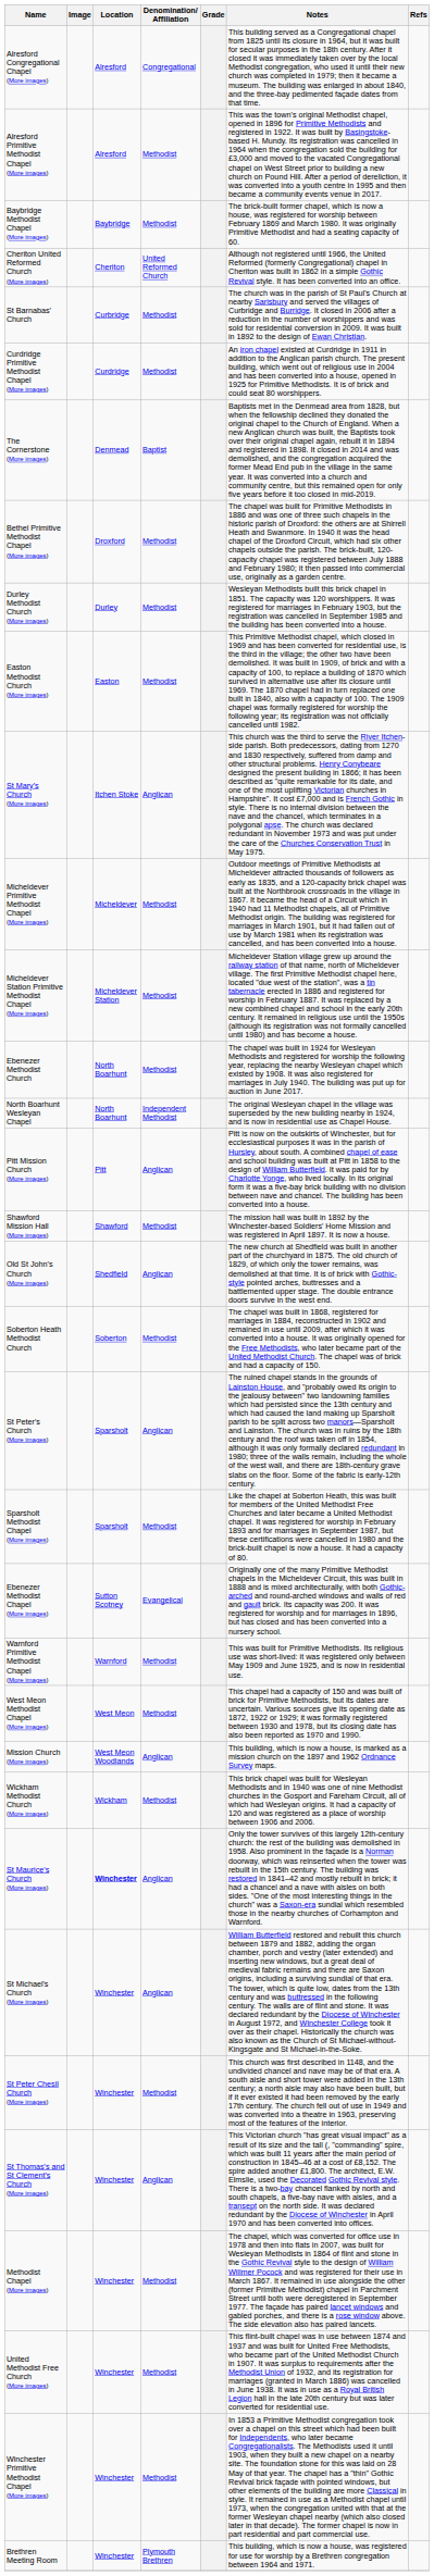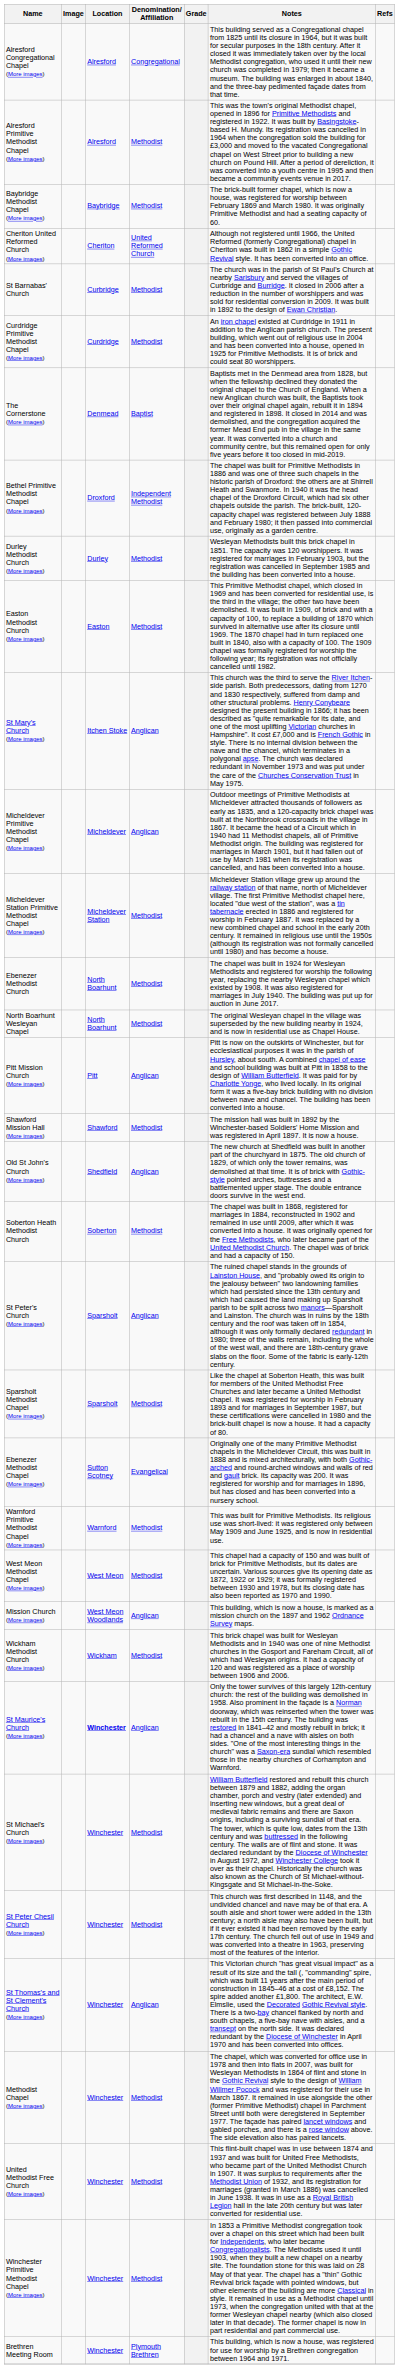 <table class="wikitable sortable">
 <tr>
 <th align="center">Name</th>
 <th align="center" class="unsortable">Image</th>
 <th align="center">Location</th>
 <th align="center">Denomination/<br>Affiliation</th>
 <th align="center">Grade</th>
 <th align="center" class="unsortable">Notes</th>
 <th align="center" class="unsortable">Refs</th>
 </tr>
 <tr>
 <td>Alresford Congregational Chapel<br><small>(<a href='#'>More images</a>)</small></td>
 <td></td>
 <td><a href='#'>Alresford</a><br></td>
 <td><a href='#'>Congregational</a></td>
 <th></th>
 <td>This building served as a Congregational chapel from 1825 until its closure in 1964, but it was built for secular purposes in the 18th century.  After it closed it was immediately taken over by the local Methodist congregation, who used it until their new church was completed in 1979; then it became a museum.  The building was enlarged in about 1840, and the three-bay pedimented façade dates from that time.</td>
 <td><br><br></td>
 </tr>
 <tr>
 <td>Alresford Primitive Methodist Chapel<br><small>(<a href='#'>More images</a>)</small></td>
 <td></td>
 <td><a href='#'>Alresford</a><br></td>
 <td><a href='#'>Methodist</a></td>
 <th align="center"></th>
 <td>This was the town's original Methodist chapel, opened in 1896 for <a href='#'>Primitive Methodists</a> and registered in 1922.  It was built by <a href='#'>Basingstoke</a>-based H. Mundy.  Its registration was cancelled in 1964 when the congregation sold the building for £3,000 and moved to the vacated Congregational chapel on West Street prior to building a new church on Pound Hill.  After a period of dereliction, it was converted into a youth centre in 1995 and then became a community events venue in 2017.</td>
 <td><br></td>
 </tr>
 <tr>
 <td>Baybridge Methodist Chapel<br><small>(<a href='#'>More images</a>)</small></td>
 <td></td>
 <td><a href='#'>Baybridge</a><br></td>
 <td><a href='#'>Methodist</a></td>
 <th align="center"></th>
 <td>The brick-built former chapel, which is now a house, was registered for worship between February 1869 and March 1980.  It was originally Primitive Methodist and had a seating capacity of 60.</td>
 <td><br></td>
 </tr>
 <tr>
 <td>Cheriton United Reformed Church<br><small>(<a href='#'>More images</a>)</small></td>
 <td></td>
 <td><a href='#'>Cheriton</a><br></td>
 <td><a href='#'>United Reformed Church</a></td>
 <th align="center"></th>
 <td>Although not registered until 1966, the United Reformed (formerly Congregational) chapel in Cheriton was built in 1862 in a simple <a href='#'>Gothic Revival</a> style.  It has been converted into an office.</td>
 <td><br></td>
 </tr>
 <tr>
 <td>St Barnabas' Church</td>
 <td></td>
 <td><a href='#'>Curbridge</a><br></td>
 <td><a href='#'>Methodist</a></td>
 <th align="center"></th>
 <td>The church was in the parish of St Paul's Church at nearby <a href='#'>Sarisbury</a> and served the villages of Curbridge and <a href='#'>Burridge</a>.  It closed in 2006 after a reduction in the number of worshippers and was sold for residential conversion in 2009.  It was built in 1892 to the design of <a href='#'>Ewan Christian</a>.</td>
 <td></td>
 </tr>
 <tr>
 <td>Curdridge Primitive Methodist Chapel<br><small>(<a href='#'>More images</a>)</small></td>
 <td></td>
 <td><a href='#'>Curdridge</a><br></td>
 <td><a href='#'>Methodist</a></td>
 <th align="center"></th>
 <td>An <a href='#'>iron chapel</a> existed at Curdridge in 1911 in addition to the Anglican parish church.  The present building, which went out of religious use in 2004 and has been converted into a house, opened in 1925 for Primitive Methodists.  It is of brick and could seat 80 worshippers.</td>
 <td><br></td>
 </tr>
 <tr>
 <td>The Cornerstone<br><small>(<a href='#'>More images</a>)</small></td>
 <td></td>
 <td><a href='#'>Denmead</a><br></td>
 <td><a href='#'>Baptist</a></td>
 <th align="center"></th>
 <td>Baptists met in the Denmead area from 1828, but when the fellowship declined they donated the original chapel to the Church of England.  When a new Anglican church was built, the Baptists took over their original chapel again, rebuilt it in 1894 and registered in 1898.  It closed in 2014 and was demolished, and the congregation acquired the former Mead End pub in the village in the same year.  It was converted into a church and community centre, but this remained open for only five years before it too closed in mid-2019.</td>
 <td><br><br></td>
 </tr>
 <tr>
 <td>Bethel Primitive Methodist Chapel<br><small>(<a href='#'>More images</a>)</small></td>
 <td></td>
 <td><a href='#'>Droxford</a><br></td>
-<td><a href='#'>Methodist</a></td>
+<td><a href='#'>Independent Methodist</a></td>
 <th align="center"></th>
 <td>The chapel was built for Primitive Methodists in 1886 and was one of three such chapels in the historic parish of Droxford: the others are at Shirrell Heath and Swanmore.  In 1940 it was the head chapel of the Droxford Circuit, which had six other chapels outside the parish.  The brick-built, 120-capacity chapel was registered between July 1888 and February 1980; it then passed into commercial use, originally as a garden centre.</td>
 <td><br><br></td>
 </tr>
 <tr>
 <td>Durley Methodist Church<br><small>(<a href='#'>More images</a>)</small></td>
 <td></td>
 <td><a href='#'>Durley</a><br></td>
 <td><a href='#'>Methodist</a></td>
 <th align="center"></th>
 <td>Wesleyan Methodists built this brick chapel in 1851.  The capacity was 120 worshippers.  It was registered for marriages in February 1903, but the registration was cancelled in September 1985 and the building has been converted into a house.</td>
 <td><br></td>
 </tr>
 <tr>
 <td>Easton Methodist Church<br><small>(<a href='#'>More images</a>)</small></td>
 <td></td>
 <td><a href='#'>Easton</a><br></td>
 <td><a href='#'>Methodist</a></td>
 <th align="center"></th>
 <td>This Primitive Methodist chapel, which closed in 1969 and has been converted for residential use, is the third in the village; the other two have been demolished.  It was built in 1909, of brick and with a capacity of 100, to replace a building of 1870 which survived in alternative use after its closure until 1969.  The 1870 chapel had in turn replaced one built in 1840, also with a capacity of 100.  The 1909 chapel was formally registered for worship the following year; its registration was not officially cancelled until 1982.</td>
 <td><br><br></td>
 </tr>
 <tr>
 <td><a href='#'>St Mary's Church</a><br><small>(<a href='#'>More images</a>)</small></td>
 <td></td>
 <td><a href='#'>Itchen Stoke</a><br></td>
 <td><a href='#'>Anglican</a></td>
 <th></th>
 <td>This church was the third to serve the <a href='#'>River Itchen</a>-side parish.  Both predecessors, dating from  1270 and 1830 respectively, suffered from damp and other structural problems.  <a href='#'>Henry Conybeare</a> designed the present building in 1866; it has been described as "quite remarkable for its date, and one of the most uplifting <a href='#'>Victorian</a> churches in Hampshire".  It cost £7,000 and is <a href='#'>French Gothic</a> in style.  There is no internal division between the nave and the chancel, which terminates in a polygonal <a href='#'>apse</a>.  The church was declared redundant in November 1973 and was put under the care of the <a href='#'>Churches Conservation Trust</a> in May 1975.</td>
 <td><br></td>
 </tr>
 <tr>
 <td>Micheldever Primitive Methodist Chapel<br><small>(<a href='#'>More images</a>)</small></td>
 <td></td>
 <td><a href='#'>Micheldever</a><br></td>
-<td><a href='#'>Methodist</a></td>
+<td><a href='#'>Anglican</a></td>
 <th align="center"></th>
 <td>Outdoor meetings of Primitive Methodists at Micheldever attracted thousands of followers as early as 1835, and a 120-capacity brick chapel was built at the Northbrook crossroads in the village in 1867.  It became the head of a Circuit which in 1940 had 11 Methodist chapels, all of Primitive Methodist origin.  The building was registered for marriages in March 1901, but it had fallen out of use by March 1981 when its registration was cancelled, and has been converted into a house.</td>
 <td><br><br></td>
 </tr>
 <tr>
 <td>Micheldever Station Primitive Methodist Chapel<br><small>(<a href='#'>More images</a>)</small></td>
 <td></td>
 <td><a href='#'>Micheldever Station</a><br></td>
 <td><a href='#'>Methodist</a></td>
 <th align="center"></th>
 <td>Micheldever Station village grew up around the <a href='#'>railway station</a> of that name, north of Micheldever village.  The first Primitive Methodist chapel here, located "due west of the station", was a <a href='#'>tin tabernacle</a> erected in 1886 and registered for worship in February 1887.  It was replaced by a new combined chapel and school in the early 20th century.  It remained in religious use until the 1950s (although its registration was not formally cancelled until 1980) and has become a house.</td>
 <td><br></td>
 </tr>
 <tr>
 <td>Ebenezer Methodist Church</td>
 <td></td>
 <td><a href='#'>North Boarhunt</a><br></td>
 <td><a href='#'>Methodist</a></td>
 <th align="center"></th>
 <td>The chapel was built in 1924 for Wesleyan Methodists and registered for worship the following year, replacing the nearby Wesleyan chapel which existed by 1908.  It was also registered for marriages in July 1940.  The building was put up for auction in June 2017.</td>
 <td><br><br></td>
 </tr>
 <tr>
 <td>North Boarhunt Wesleyan Chapel</td>
 <td></td>
 <td><a href='#'>North Boarhunt</a><br></td>
-<td><a href='#'>Independent Methodist</a></td>
+<td><a href='#'>Methodist</a></td>
 <th align="center"></th>
 <td>The original Wesleyan chapel in the village was superseded by the new building nearby in 1924, and is now in residential use as Chapel House.</td>
 <td></td>
 </tr>
 <tr>
 <td>Pitt Mission Church<br><small>(<a href='#'>More images</a>)</small></td>
 <td></td>
 <td><a href='#'>Pitt</a><br></td>
 <td><a href='#'>Anglican</a></td>
 <th></th>
 <td>Pitt is now on the outskirts of Winchester, but for ecclesiastical purposes it was in the parish of <a href='#'>Hursley</a>, about  south.  A combined <a href='#'>chapel of ease</a> and school building was built at Pitt in 1858 to the design of <a href='#'>William Butterfield</a>.  It was paid for by <a href='#'>Charlotte Yonge</a>, who lived locally.  In its original form it was a five-bay brick building with no division between nave and chancel.  The building has been converted into a house.</td>
 <td><br></td>
 </tr>
 <tr>
 <td>Shawford Mission Hall<br><small>(<a href='#'>More images</a>)</small></td>
 <td></td>
 <td><a href='#'>Shawford</a><br></td>
 <td><a href='#'>Methodist</a></td>
 <th align="center"></th>
 <td>The mission hall was built in 1892 by the Winchester-based Soldiers' Home Mission and was registered in April 1897.  It is now a house.</td>
 <td><br></td>
 </tr>
 <tr>
 <td>Old St John's Church<br><small>(<a href='#'>More images</a>)</small></td>
 <td></td>
 <td><a href='#'>Shedfield</a><br></td>
 <td><a href='#'>Anglican</a></td>
 <th></th>
 <td>The new church at Shedfield was built in another part of the churchyard in 1875.  The old church of 1829, of which only the tower remains, was demolished at that time.  It is of brick with <a href='#'>Gothic-style</a> pointed arches, buttresses and a battlemented upper stage.  The double entrance doors survive in the west end.</td>
 <td></td>
 </tr>
 <tr>
 <td>Soberton Heath Methodist Church</td>
 <td></td>
 <td><a href='#'>Soberton</a><br></td>
 <td><a href='#'>Methodist</a></td>
 <th align="center"></th>
 <td>The chapel was built in 1868, registered for marriages in 1884, reconstructed in 1902 and remained in use until 2009, after which it was converted into a house.  It was originally opened for the <a href='#'>Free Methodists</a>, who later became part of the <a href='#'>United Methodist Church</a>.  The chapel was of brick and had a capacity of 150.</td>
 <td><br><br></td>
 </tr>
 <tr>
 <td>St Peter's Church<br><small>(<a href='#'>More images</a>)</small></td>
 <td></td>
 <td><a href='#'>Sparsholt</a><br></td>
 <td><a href='#'>Anglican</a></td>
 <th></th>
 <td>The ruined chapel stands in the grounds of <a href='#'>Lainston House</a>, and "probably owed its origin to the jealousy between" two landowning families which had persisted since the 13th century and which had caused the land making up Sparsholt parish to be split across two <a href='#'>manors</a>—Sparsholt and Lainston.  The church was in ruins by the 18th century and the roof was taken off in 1854, although it was only formally declared <a href='#'>redundant</a> in 1980; three of the walls remain, including the whole of the west wall, and there are 18th-century grave slabs on the floor.  Some of the fabric is early-12th century.</td>
 <td><br></td>
 </tr>
 <tr>
 <td>Sparsholt Methodist Chapel<br><small>(<a href='#'>More images</a>)</small></td>
 <td></td>
 <td><a href='#'>Sparsholt</a><br></td>
 <td><a href='#'>Methodist</a></td>
 <th align="center"></th>
 <td>Like the chapel at Soberton Heath, this was built for members of the United Methodist Free Churches and later became a United Methodist chapel.  It was registered for worship in February 1893 and for marriages in September 1987, but these certifications were cancelled in 1980 and the brick-built chapel is now a house.  It had a capacity of 80.</td>
 <td><br></td>
 </tr>
 <tr>
 <td>Ebenezer Methodist Chapel<br><small>(<a href='#'>More images</a>)</small></td>
 <td></td>
 <td><a href='#'>Sutton Scotney</a><br></td>
 <td><a href='#'>Evangelical</a></td>
 <th align="center"></th>
 <td>Originally one of the many Primitive Methodist chapels in the Micheldever Circuit, this was built in 1888 and is mixed architecturally, with both <a href='#'>Gothic-arched</a> and round-arched windows and walls of red and <a href='#'>gault</a> brick.  Its capacity was 200.  It was registered for worship and for marriages in 1896, but has closed and has been converted into a nursery school.</td>
 <td><br></td>
 </tr>
 <tr>
 <td>Warnford Primitive Methodist Chapel<br><small>(<a href='#'>More images</a>)</small></td>
 <td></td>
 <td><a href='#'>Warnford</a><br></td>
 <td><a href='#'>Methodist</a></td>
 <th align="center"></th>
 <td>This was built for Primitive Methodists.  Its religious use was short-lived: it was registered only between May 1909 and June 1925, and is now in residential use.</td>
 <td></td>
 </tr>
 <tr>
 <td>West Meon Methodist Chapel<br><small>(<a href='#'>More images</a>)</small></td>
 <td></td>
 <td><a href='#'>West Meon</a><br></td>
 <td><a href='#'>Methodist</a></td>
 <th align="center"></th>
 <td>This chapel had a capacity of 150 and was built of brick for Primitive Methodists, but its dates are uncertain.  Various sources give its opening date as 1872, 1922 or 1929; it was formally registered between 1930 and 1978, but its closing date has also been reported as 1970 and 1990.</td>
 <td><br><br></td>
 </tr>
 <tr>
 <td>Mission Church<br><small>(<a href='#'>More images</a>)</small></td>
 <td></td>
 <td><a href='#'>West Meon Woodlands</a><br></td>
 <td><a href='#'>Anglican</a></td>
 <th align="center"></th>
 <td>This building, which is now a house, is marked as a mission church on the 1897 and 1962 <a href='#'>Ordnance Survey</a> maps.</td>
 <td></td>
 </tr>
 <tr>
 <td>Wickham Methodist Church<br><small>(<a href='#'>More images</a>)</small></td>
 <td></td>
 <td><a href='#'>Wickham</a><br></td>
 <td><a href='#'>Methodist</a></td>
 <th align="center"></th>
 <td>This brick chapel was built for Wesleyan Methodists and in 1940 was one of nine Methodist churches in the Gosport and Fareham Circuit, all of which had Wesleyan origins.  It had a capacity of 120 and was registered as a place of worship between 1906 and 2006.</td>
 <td><br><br></td>
 </tr>
 <tr>
 <td><a href='#'>St Maurice's Church</a><br><small>(<a href='#'>More images</a>)</small></td>
 <td></td>
 <td><strong><a href='#'>Winchester</a><br></strong></td>
 <td><a href='#'>Anglican</a></td>
 <th></th>
 <td>Only the tower survives of this largely 12th-century church: the rest of the building was demolished in 1958.  Also prominent in the façade is a <a href='#'>Norman</a> doorway, which was reinserted when the tower was rebuilt in the 15th century.  The building was <a href='#'>restored</a> in 1841–42 and mostly rebuilt in brick; it had a chancel and a nave with aisles on both sides.  "One of the most interesting things in the church" was a <a href='#'>Saxon-era</a> sundial which resembled those in the nearby churches of Corhampton and Warnford.</td>
 <td><br></td>
 </tr>
 <tr>
 <td>St Michael's Church<br><small>(<a href='#'>More images</a>)</small></td>
 <td></td>
 <td><a href='#'>Winchester</a><br></td>
-<td><a href='#'>Anglican</a></td>
+<td><a href='#'>Methodist</a></td>
 <th></th>
 <td><a href='#'>William Butterfield</a> restored and rebuilt this church between 1879 and 1882, adding the organ chamber, porch and vestry (later extended) and inserting new windows, but a great deal of medieval fabric remains and there are Saxon origins, including a surviving sundial of that era.  The tower, which is quite low, dates from the 13th century and was <a href='#'>buttressed</a> in the following century.  The walls are of flint and stone.  It was declared redundant by the <a href='#'>Diocese of Winchester</a> in August 1972, and <a href='#'>Winchester College</a> took it over as their chapel.  Historically the church was also known as the Church of St Michael-without-Kingsgate and St Michael-in-the-Soke.</td>
 <td><br></td>
 </tr>
 <tr>
 <td><a href='#'>St Peter Chesil Church</a><br><small>(<a href='#'>More images</a>)</small></td>
 <td></td>
 <td><a href='#'>Winchester</a><br></td>
 <td><a href='#'>Methodist</a></td>
 <th></th>
 <td>This church was first described in 1148, and the undivided chancel and nave may be of that era.  A south aisle and short tower were added in the 13th century; a north aisle may also have been built, but if it ever existed it had been removed by the early 17th century.  The church fell out of use in 1949 and was converted into a theatre in 1963, preserving most of the features of the interior.</td>
 <td><br></td>
 </tr>
 <tr>
 <td><a href='#'>St Thomas's and St Clement's Church</a><br><small>(<a href='#'>More images</a>)</small></td>
 <td></td>
 <td><a href='#'>Winchester</a><br></td>
 <td><a href='#'>Anglican</a></td>
 <th></th>
 <td>This Victorian church "has great visual impact" as a result of its size and the tall (, "commanding" spire, which was built 11 years after the main period of construction in 1845–46 at a cost of £8,152.  The spire added another £1,800.  The architect, E.W. Elmslie, used the <a href='#'>Decorated</a> <a href='#'>Gothic Revival style</a>.  There is a two-<a href='#'>bay</a> chancel flanked by north and south chapels, a five-bay nave with aisles, and a <a href='#'>transept</a> on the north side.  It was declared redundant by the <a href='#'>Diocese of Winchester</a> in April 1970 and has been converted into offices.</td>
 <td><br></td>
 </tr>
 <tr>
 <td>Methodist Chapel<br><small>(<a href='#'>More images</a>)</small></td>
 <td></td>
 <td><a href='#'>Winchester</a><br></td>
 <td><a href='#'>Methodist</a></td>
 <th align="center"></th>
 <td>The chapel, which was converted for office use in 1978 and then into flats in 2007, was built for Wesleyan Methodists in 1864 of flint and stone in the <a href='#'>Gothic Revival</a> style to the design of <a href='#'>William Willmer Pocock</a> and was registered for their use in March 1867.  It remained in use alongside the other (former Primitive Methodist) chapel in Parchment Street until both were deregistered in September 1977.  The façade has paired <a href='#'>lancet windows</a> and gabled porches, and there is a <a href='#'>rose window</a> above.  The side elevation also has paired lancets.</td>
 <td><br></td>
 </tr>
 <tr>
 <td>United Methodist Free Church<br><small>(<a href='#'>More images</a>)</small></td>
 <td></td>
 <td><a href='#'>Winchester</a><br></td>
 <td><a href='#'>Methodist</a></td>
 <th align="center"></th>
 <td>This flint-built chapel was in use between 1874 and 1937 and was built for United Free Methodists, who became part of the United Methodist Church in 1907.  It was surplus to requirements after the <a href='#'>Methodist Union</a> of 1932, and its registration for marriages (granted in March 1886) was cancelled in June 1938.  It was in use as a <a href='#'>Royal British Legion</a> hall in the late 20th century but was later converted for residential use.</td>
 <td><br></td>
 </tr>
 <tr>
 <td>Winchester Primitive Methodist Chapel<br><small>(<a href='#'>More images</a>)</small></td>
 <td></td>
 <td><a href='#'>Winchester</a><br></td>
 <td><a href='#'>Methodist</a></td>
 <th align="center"></th>
 <td>In 1853 a Primitive Methodist congregation took over a chapel on this street which had been built for <a href='#'>Independents</a>, who later became <a href='#'>Congregationalists</a>.  The Methodists used it until 1903, when they built a new chapel on a nearby site.  The foundation stone for this was laid on 28 May of that year.  The chapel has a "thin" Gothic Revival brick façade with pointed windows, but other elements of the building are more <a href='#'>Classical</a> in style.  It remained in use as a Methodist chapel until 1973, when the congregation united with that at the former Wesleyan chapel nearby (which also closed later in that decade).  The former chapel is now in part residential and part commercial use.</td>
 <td><br><br><br></td>
 </tr>
 <tr>
 <td>Brethren Meeting Room</td>
 <td></td>
 <td><a href='#'>Winchester</a><br></td>
 <td><a href='#'>Plymouth Brethren</a></td>
 <th align="center"></th>
 <td>This building, which is now a house, was registered for use for worship by a Brethren congregation between 1964 and 1971.</td>
 <td></td>
 </tr>
 <tr>
 </tr>
 </table>
